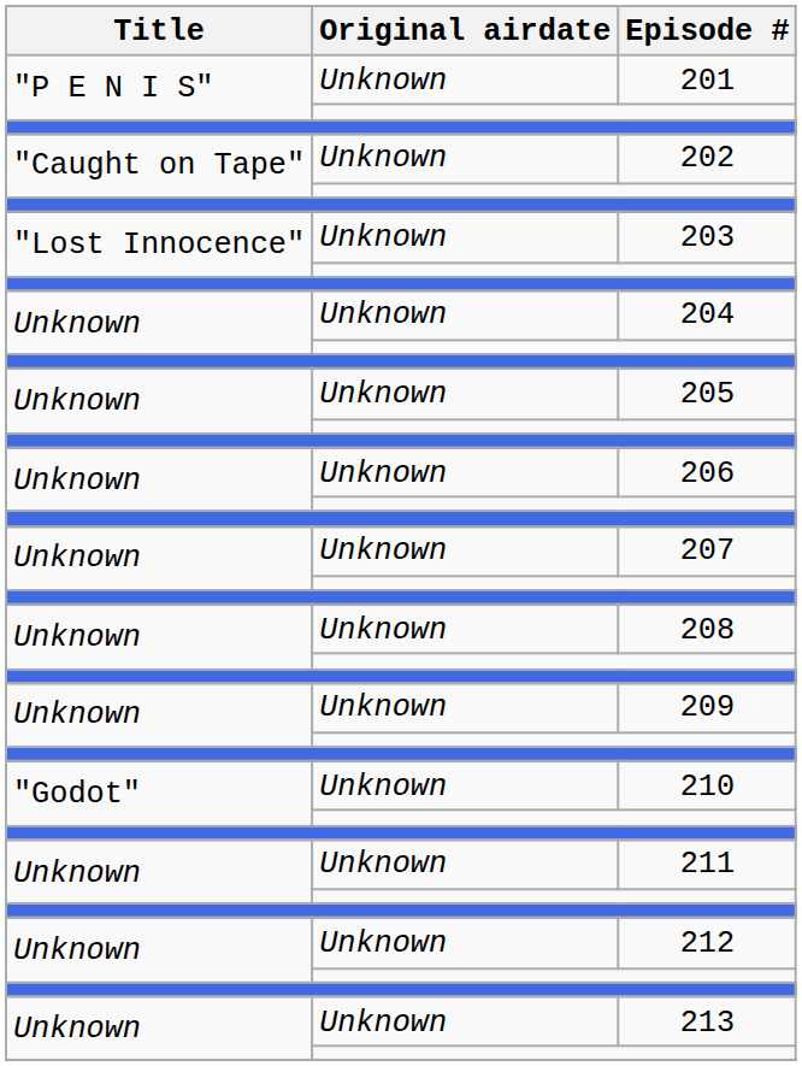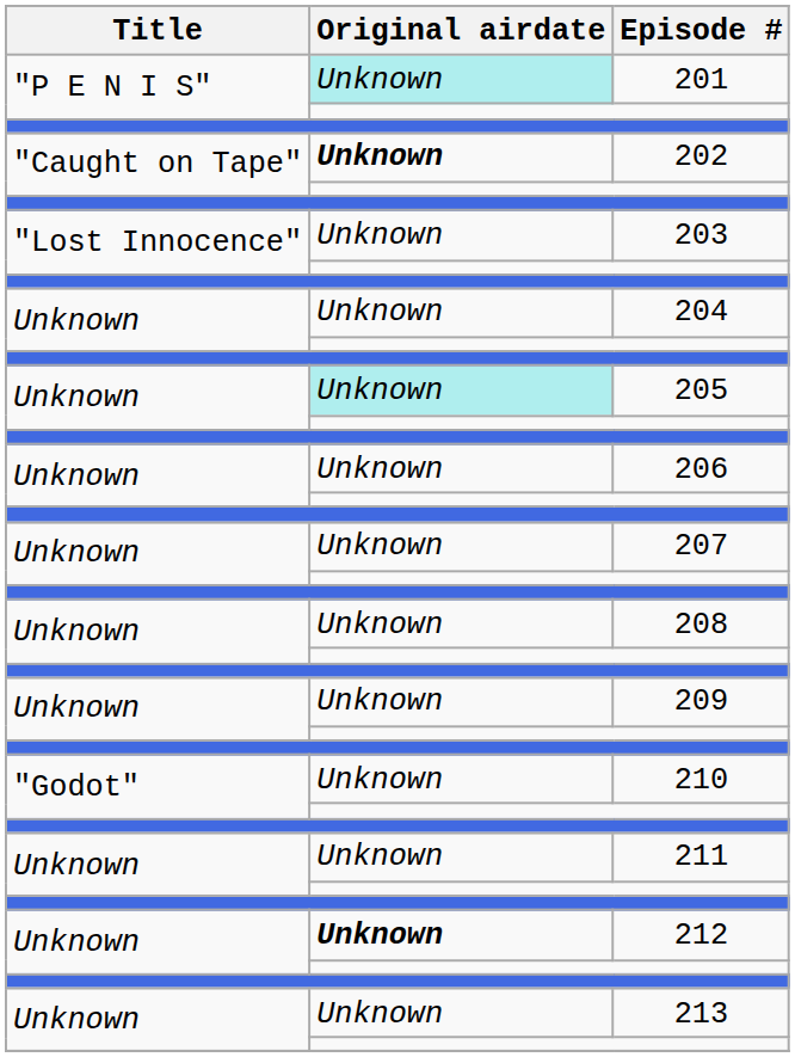 <table class="wikitable">
 <tr>
 <th>Title</th>
 <th>Original airdate</th>
 <th>Episode #</th>
 </tr>
 <tr>
 <td rowspan="2">"P E N I S"</td>
-<td><span><em>Unknown</em></span></td>
+<td style="background: paleturquoise;"><span><em>Unknown</em></span></td>
 <td align="center">201</td>
 </tr>
 <tr>
 <td colspan="2"></td>
 </tr>
 <tr>
 <td colspan="5" bgcolor="#4169e1"></td>
 </tr>
 <tr>
 <td rowspan="2">"Caught on Tape"</td>
-<td><span><em>Unknown</em></span></td>
+<td><strong><span><em>Unknown</em></span></strong></td>
 <td align="center">202</td>
 </tr>
 <tr>
 <td colspan="2"></td>
 </tr>
 <tr>
 <td colspan="5" bgcolor="#4169e1"></td>
 </tr>
 <tr>
 <td rowspan="2">"Lost Innocence"</td>
 <td><span><em>Unknown</em></span></td>
 <td align="center">203</td>
 </tr>
 <tr>
 <td colspan="2"></td>
 </tr>
 <tr>
 <td colspan="5" bgcolor="#4169e1"></td>
 </tr>
 <tr>
 <td rowspan="2"><span><em>Unknown</em></span></td>
 <td><span><em>Unknown</em></span></td>
 <td align="center">204</td>
 </tr>
 <tr>
 <td colspan="2"></td>
 </tr>
 <tr>
 <td colspan="5" bgcolor="#4169e1"></td>
 </tr>
 <tr>
 <td rowspan="2"><span><em>Unknown</em></span></td>
-<td><span><em>Unknown</em></span></td>
+<td style="background: paleturquoise;"><span><em>Unknown</em></span></td>
 <td align="center">205</td>
 </tr>
 <tr>
 <td colspan="2"></td>
 </tr>
 <tr>
 <td colspan="5" bgcolor="#4169e1"></td>
 </tr>
 <tr>
 <td rowspan="2"><span><em>Unknown</em></span></td>
 <td><span><em>Unknown</em></span></td>
 <td align="center">206</td>
 </tr>
 <tr>
 <td colspan="2"></td>
 </tr>
 <tr>
 <td colspan="5" bgcolor="#4169e1"></td>
 </tr>
 <tr>
 <td rowspan="2"><span><em>Unknown</em></span></td>
 <td><span><em>Unknown</em></span></td>
 <td align="center">207</td>
 </tr>
 <tr>
 <td colspan="2"></td>
 </tr>
 <tr>
 <td colspan="5" bgcolor="#4169e1"></td>
 </tr>
 <tr>
 <td rowspan="2"><span><em>Unknown</em></span></td>
 <td><span><em>Unknown</em></span></td>
 <td align="center">208</td>
 </tr>
 <tr>
 <td colspan="2"></td>
 </tr>
 <tr>
 <td colspan="5" bgcolor="#4169e1"></td>
 </tr>
 <tr>
 <td rowspan="2"><span><em>Unknown</em></span></td>
 <td><span><em>Unknown</em></span></td>
 <td align="center">209</td>
 </tr>
 <tr>
 <td colspan="2"></td>
 </tr>
 <tr>
 <td colspan="5" bgcolor="#4169e1"></td>
 </tr>
 <tr>
 <td rowspan="2">"Godot"</td>
 <td><span><em>Unknown</em></span></td>
 <td align="center">210</td>
 </tr>
 <tr>
 <td colspan="2"></td>
 </tr>
 <tr>
 <td colspan="5" bgcolor="#4169e1"></td>
 </tr>
 <tr>
 <td rowspan="2"><span><em>Unknown</em></span></td>
 <td><span><em>Unknown</em></span></td>
 <td align="center">211</td>
 </tr>
 <tr>
 <td colspan="2"></td>
 </tr>
 <tr>
 <td colspan="5" bgcolor="#4169e1"></td>
 </tr>
 <tr>
 <td rowspan="2"><span><em>Unknown</em></span></td>
-<td><span><em>Unknown</em></span></td>
+<td><strong><span><em>Unknown</em></span></strong></td>
 <td align="center">212</td>
 </tr>
 <tr>
 <td colspan="2"></td>
 </tr>
 <tr>
 <td colspan="5" bgcolor="#4169e1"></td>
 </tr>
 <tr>
 <td rowspan="2"><span><em>Unknown</em></span></td>
 <td><span><em>Unknown</em></span></td>
 <td align="center">213</td>
 </tr>
 <tr>
 <td colspan="2"></td>
 </tr>
 <tr>
 </tr>
 </table>
